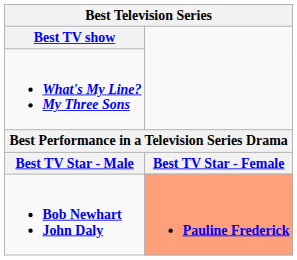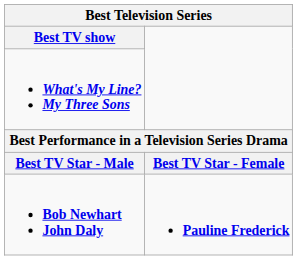 <table class="wikitable">
 <tr>
 <th colspan="2">Best Television Series</th>
 </tr>
 <tr>
 <th><a href='#'>Best TV show</a></th>
 </tr>
 <tr>
 <td valign="top"><br><ul><li><strong> <em><a href='#'>What's My Line?</a><strong><em></li><li></strong> </em><a href='#'>My Three Sons</a></em></strong></li></ul></td>
 </tr>
 <tr>
 <th colspan="2">Best Performance in a Television Series  Drama</th>
 </tr>
 <tr>
 <th><a href='#'>Best TV Star - Male</a></th>
 <th><a href='#'>Best TV Star - Female</a></th>
 </tr>
 <tr>
 <td valign="top"><br><ul><li><strong> <a href='#'>Bob Newhart</a></strong></li><li><strong> <a href='#'>John Daly</a></strong></li></ul></td>
-<td valign="bottom" style="background: lightsalmon;"><br><ul><li><strong> <a href='#'>Pauline Frederick</a></strong></li></ul></td>
+<td valign="bottom"><br><ul><li><strong> <a href='#'>Pauline Frederick</a></strong></li></ul></td>
 </tr>
 </table>
